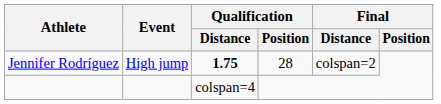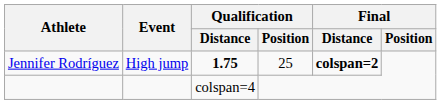 <table class=wikitable style=font-size:90%>
 <tr>
 <th rowspan=2>Athlete</th>
 <th rowspan=2>Event</th>
 <th colspan=2>Qualification</th>
 <th colspan=2>Final</th>
 </tr>
 <tr style=font-size:95%>
 <th>Distance</th>
 <th>Position</th>
 <th>Distance</th>
 <th>Position</th>
 </tr>
 <tr align=center>
 <td align=left><a href='#'>Jennifer Rodríguez</a></td>
 <td align=left><a href='#'>High jump</a></td>
 <td><strong>1.75</strong></td>
-<td>28</td>
-<td>colspan=2 </td>
+<td>25</td>
+<td><strong>colspan=2 </strong></td>
 </tr>
 <tr align=center>
 <td></td>
 <td></td>
 <td>colspan=4 </td>
 </tr>
 </table>
